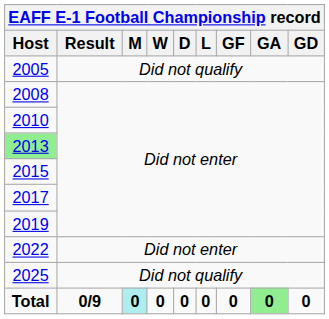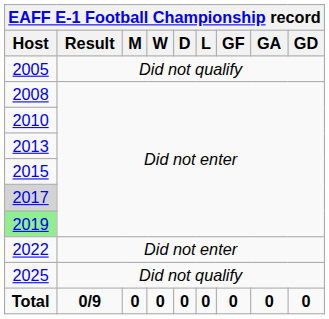 <table class="wikitable" style="text-align: center;font-size:95%;">
 <tr>
 <th colspan=9><a href='#'>EAFF E-1 Football Championship</a> record</th>
 </tr>
 <tr>
 <th>Host</th>
 <th>Result</th>
 <th>M</th>
 <th>W</th>
 <th>D</th>
 <th>L</th>
 <th>GF</th>
 <th>GA</th>
 <th>GD</th>
 </tr>
 <tr>
 <td> <a href='#'>2005</a></td>
 <td colspan=8><em>Did not qualify</em></td>
 </tr>
 <tr>
 <td> <a href='#'>2008</a></td>
 <td colspan=8 rowspan=6><em>Did not enter</em></td>
 </tr>
 <tr>
 <td> <a href='#'>2010</a></td>
 </tr>
 <tr>
-<td style="background: lightgreen;"> <a href='#'>2013</a></td>
+<td> <a href='#'>2013</a></td>
 </tr>
 <tr>
 <td> <a href='#'>2015</a></td>
 </tr>
 <tr>
-<td> <a href='#'>2017</a></td>
+<td style="background: lightgrey;"> <a href='#'>2017</a></td>
 </tr>
 <tr>
-<td> <a href='#'>2019</a></td>
+<td style="background: lightgreen;"> <a href='#'>2019</a></td>
 </tr>
 <tr>
 <td> <a href='#'>2022</a></td>
 <td colspan=8><em>Did not enter</em></td>
 </tr>
 <tr>
 <td> <a href='#'>2025</a></td>
 <td colspan=8><em>Did not qualify</em></td>
 </tr>
 <tr>
 <td><strong>Total</strong></td>
 <td><strong>0/9</strong></td>
-<td style="background: paleturquoise;"><strong>0</strong></td>
 <td><strong>0</strong></td>
 <td><strong>0</strong></td>
 <td><strong>0</strong></td>
 <td><strong>0</strong></td>
-<td style="background: lightgreen;"><strong>0</strong></td>
+<td><strong>0</strong></td>
+<td><strong>0</strong></td>
 <td><strong>0</strong></td>
 </tr>
 </table>
